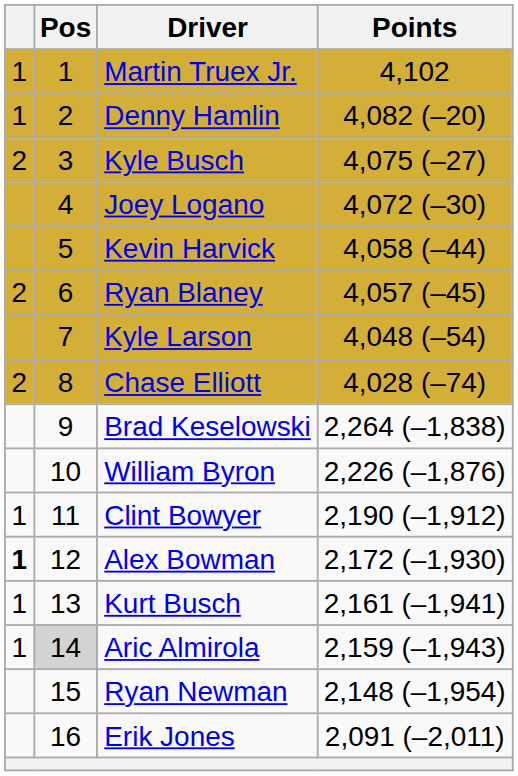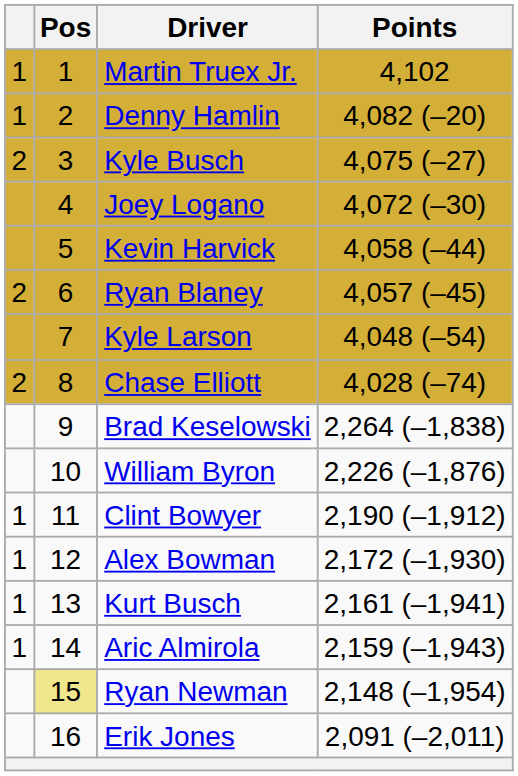 <table class="wikitable" style="font-size: 95%">
 <tr>
 <th></th>
 <th>Pos</th>
 <th>Driver</th>
 <th>Points</th>
 </tr>
 <tr style="background:#D4AF37;">
 <td align="left"> 1</td>
 <td style="text-align:center;">1</td>
 <td><a href='#'>Martin Truex Jr.</a></td>
 <td style="text-align:center;">4,102</td>
 </tr>
 <tr style="background:#D4AF37;">
 <td align="left"> 1</td>
 <td style="text-align:center;">2</td>
 <td><a href='#'>Denny Hamlin</a></td>
 <td style="text-align:center;">4,082 (–20)</td>
 </tr>
 <tr style="background:#D4AF37;">
 <td align="left"> 2</td>
 <td style="text-align:center;">3</td>
 <td><a href='#'>Kyle Busch</a></td>
 <td style="text-align:center;">4,075 (–27)</td>
 </tr>
 <tr style="background:#D4AF37;">
 <td align="left"></td>
 <td style="text-align:center;">4</td>
 <td><a href='#'>Joey Logano</a></td>
 <td style="text-align:center;">4,072 (–30)</td>
 </tr>
 <tr style="background:#D4AF37;">
 <td align="left"></td>
 <td style="text-align:center;">5</td>
 <td><a href='#'>Kevin Harvick</a></td>
 <td style="text-align:center;">4,058 (–44)</td>
 </tr>
 <tr style="background:#D4AF37;">
 <td align="left"> 2</td>
 <td style="text-align:center;">6</td>
 <td><a href='#'>Ryan Blaney</a></td>
 <td style="text-align:center;">4,057 (–45)</td>
 </tr>
 <tr style="background:#D4AF37;">
 <td align="left"></td>
 <td style="text-align:center;">7</td>
 <td><a href='#'>Kyle Larson</a></td>
 <td style="text-align:center;">4,048 (–54)</td>
 </tr>
 <tr style="background:#D4AF37;">
 <td align="left"> 2</td>
 <td style="text-align:center;">8</td>
 <td><a href='#'>Chase Elliott</a></td>
 <td style="text-align:center;">4,028 (–74)</td>
 </tr>
 <tr>
 <td align="left"></td>
 <td style="text-align:center;">9</td>
 <td><a href='#'>Brad Keselowski</a></td>
 <td style="text-align:center;">2,264 (–1,838)</td>
 </tr>
 <tr>
 <td align="left"></td>
 <td style="text-align:center;">10</td>
 <td><a href='#'>William Byron</a></td>
 <td style="text-align:center;">2,226 (–1,876)</td>
 </tr>
 <tr>
 <td align="left"> 1</td>
 <td style="text-align:center;">11</td>
 <td><a href='#'>Clint Bowyer</a></td>
 <td style="text-align:center;">2,190 (–1,912)</td>
 </tr>
 <tr>
-<td align="left"><strong> 1</strong></td>
+<td align="left"> 1</td>
 <td style="text-align:center;">12</td>
 <td><a href='#'>Alex Bowman</a></td>
 <td style="text-align:center;">2,172 (–1,930)</td>
 </tr>
 <tr>
 <td align="left"> 1</td>
 <td style="text-align:center;">13</td>
 <td><a href='#'>Kurt Busch</a></td>
 <td style="text-align:center;">2,161 (–1,941)</td>
 </tr>
 <tr>
 <td align="left"> 1</td>
-<td style="background: lightgrey; text-align:center;">14</td>
+<td style="text-align:center;">14</td>
 <td><a href='#'>Aric Almirola</a></td>
 <td style="text-align:center;">2,159 (–1,943)</td>
 </tr>
 <tr>
 <td align="left"></td>
-<td style="text-align:center;">15</td>
+<td style="background: khaki; text-align:center;">15</td>
 <td><a href='#'>Ryan Newman</a></td>
 <td style="text-align:center;">2,148 (–1,954)</td>
 </tr>
 <tr>
 <td align="left"></td>
 <td style="text-align:center;">16</td>
 <td><a href='#'>Erik Jones</a></td>
 <td style="text-align:center;">2,091 (–2,011)</td>
 </tr>
 <tr class="sortbottom">
 <th colspan="9"></th>
 </tr>
 </table>
